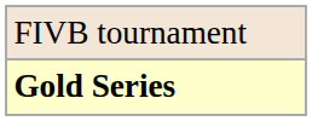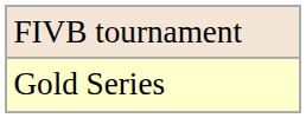 <table class=wikitable style=font-size:85%;width:20%>
 <tr style="background:#F3E6D7;">
 <td>FIVB tournament</td>
 </tr>
 <tr style="background:#ffc;">
-<td><strong>Gold Series</strong></td>
+<td>Gold Series</td>
 </tr>
 </table>
